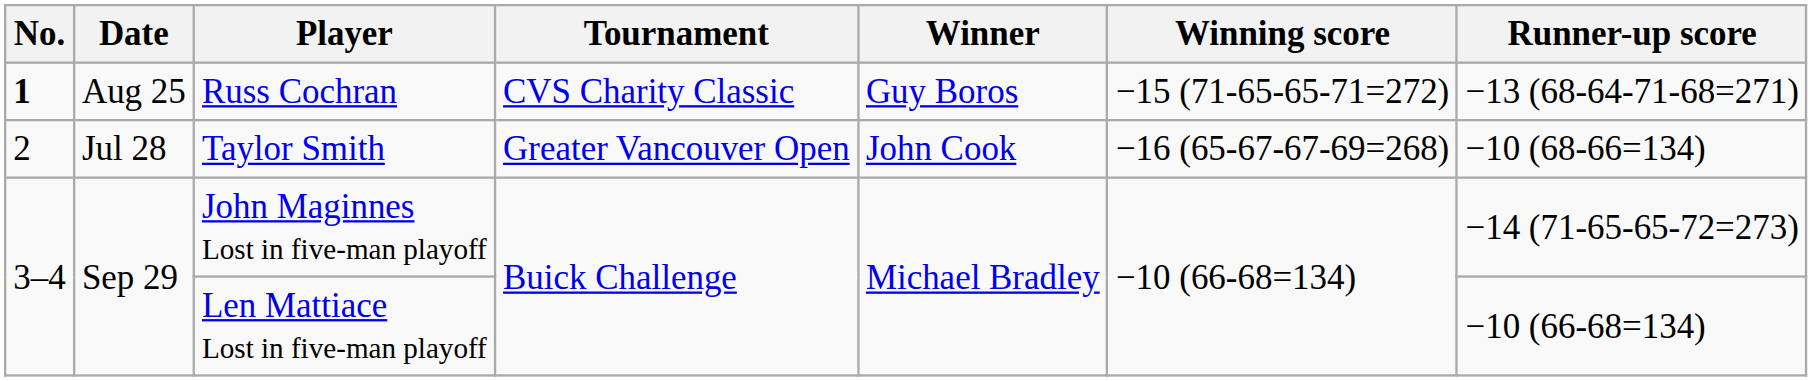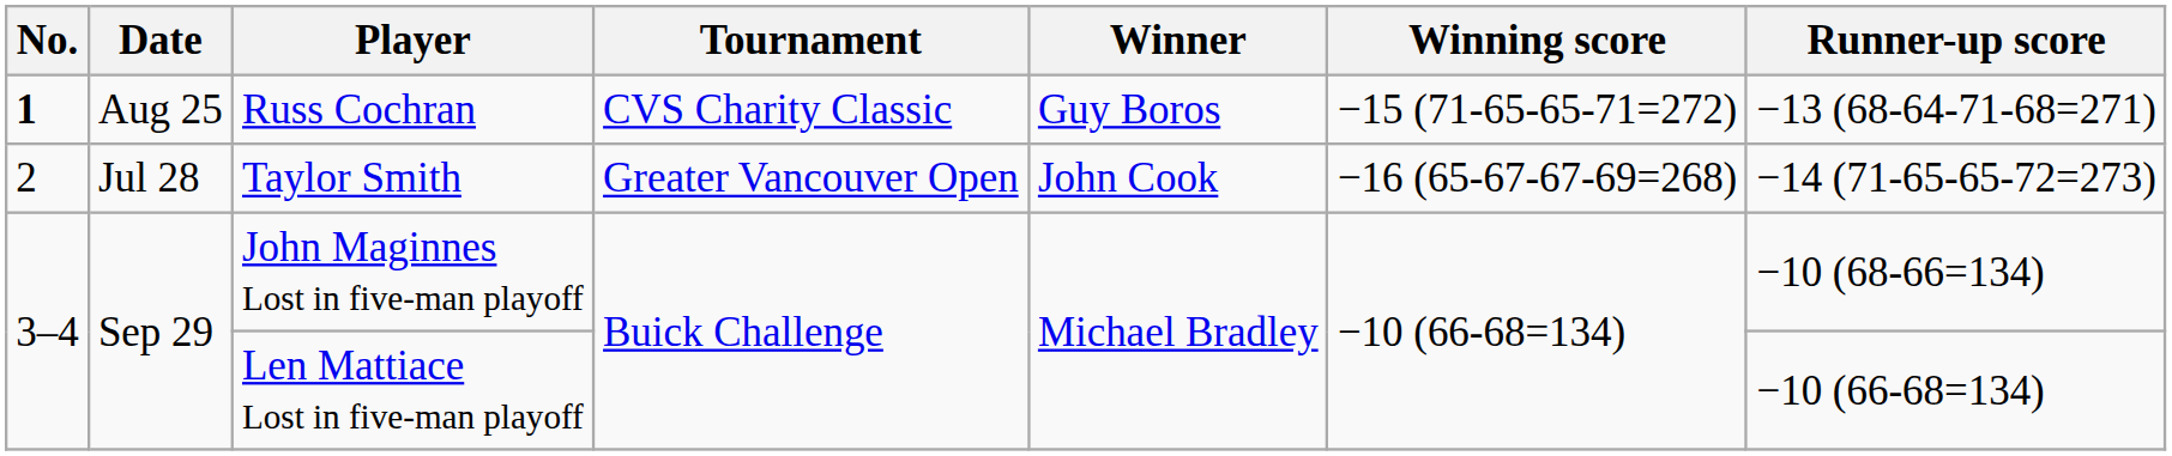 <table class="wikitable" style="font-size:95%;">
 <tr>
 <th>No.</th>
 <th>Date</th>
 <th>Player</th>
 <th>Tournament</th>
 <th>Winner</th>
 <th>Winning score</th>
 <th>Runner-up score</th>
 </tr>
 <tr>
 <td><strong>1</strong></td>
 <td>Aug 25</td>
 <td> <a href='#'>Russ Cochran</a></td>
 <td><a href='#'>CVS Charity Classic</a></td>
 <td> <a href='#'>Guy Boros</a></td>
 <td>−15 (71-65-65-71=272)</td>
 <td>−13 (68-64-71-68=271)</td>
 </tr>
 <tr>
 <td>2</td>
 <td>Jul 28</td>
 <td> <a href='#'>Taylor Smith</a></td>
 <td><a href='#'>Greater Vancouver Open</a></td>
 <td> <a href='#'>John Cook</a></td>
 <td>−16 (65-67-67-69=268)</td>
-<td>−10 (68-66=134)</td>
+<td>−14 (71-65-65-72=273)</td>
 </tr>
 <tr>
 <td rowspan=2>3–4</td>
 <td rowspan=2>Sep 29</td>
 <td> <a href='#'>John Maginnes</a><br><small>Lost in five-man playoff</small></td>
 <td rowspan=2><a href='#'>Buick Challenge</a></td>
 <td rowspan=2> <a href='#'>Michael Bradley</a></td>
 <td rowspan=2>−10 (66-68=134)</td>
-<td>−14 (71-65-65-72=273)</td>
+<td>−10 (68-66=134)</td>
 </tr>
 <tr>
 <td> <a href='#'>Len Mattiace</a><br><small>Lost in five-man playoff</small></td>
 <td>−10 (66-68=134)</td>
 </tr>
 </table>
